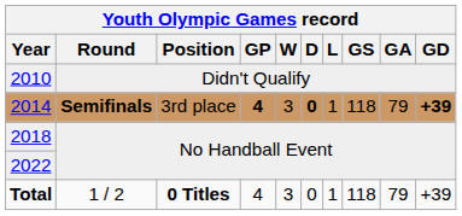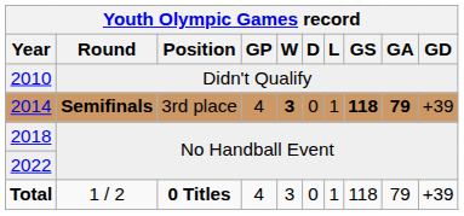 <table class="wikitable" style="text-align: center;">
 <tr>
 <th colspan=10><a href='#'>Youth Olympic Games</a> record</th>
 </tr>
 <tr>
 <th>Year</th>
 <th>Round</th>
 <th>Position</th>
 <th>GP</th>
 <th>W</th>
 <th>D</th>
 <th>L</th>
 <th>GS</th>
 <th>GA</th>
 <th>GD</th>
 </tr>
 <tr bgcolor="efefef">
 <td> <a href='#'>2010</a></td>
 <td colspan=10>Didn't Qualify</td>
 </tr>
 <tr bgcolor=cc9966>
 <td> <a href='#'>2014</a></td>
 <td><strong>Semifinals</strong></td>
 <td>3rd place</td>
-<td><strong>4</strong></td>
-<td>3</td>
-<td><strong>0</strong></td>
+<td>4</td>
+<td><strong>3</strong></td>
+<td>0</td>
 <td>1</td>
-<td>118</td>
-<td>79</td>
-<td><strong>+39</strong></td>
+<td><strong>118</strong></td>
+<td><strong>79</strong></td>
+<td>+39</td>
 </tr>
 <tr bgcolor="efefef">
 <td> <a href='#'>2018</a></td>
 <td colspan=10 rowspan=2>No Handball Event</td>
 </tr>
 <tr bgcolor="efefef">
 <td> <a href='#'>2022</a></td>
 </tr>
 <tr>
 <td><strong>Total</strong></td>
 <td>1 / 2</td>
 <td><strong>0 Titles</strong></td>
 <td>4</td>
 <td>3</td>
 <td>0</td>
 <td>1</td>
 <td>118</td>
 <td>79</td>
 <td>+39</td>
 </tr>
 </table>
